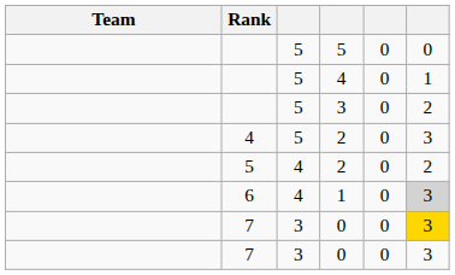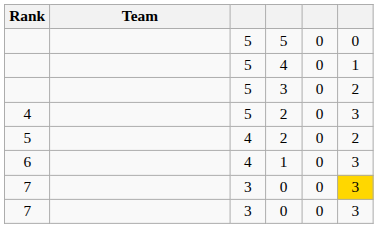 <table class="wikitable" style="text-align: center;">
 <tr>
+<th width=40>Rank</th>
 <th width=180>Team</th>
-<th width=40>Rank</th>
 <th width=30></th>
 <th width=30></th>
 <th width=30></th>
 <th width=30></th>
 </tr>
 <tr>
+<td></td>
 <td align="left"></td>
-<td></td>
 <td>5</td>
 <td>5</td>
 <td>0</td>
 <td>0</td>
 </tr>
 <tr>
+<td></td>
 <td align="left"></td>
-<td></td>
 <td>5</td>
 <td>4</td>
 <td>0</td>
 <td>1</td>
 </tr>
 <tr>
+<td></td>
 <td align="left"></td>
-<td></td>
 <td>5</td>
 <td>3</td>
 <td>0</td>
 <td>2</td>
 </tr>
 <tr>
+<td>4</td>
 <td align="left"></td>
-<td>4</td>
 <td>5</td>
 <td>2</td>
 <td>0</td>
 <td>3</td>
 </tr>
 <tr>
+<td>5</td>
 <td align="left"></td>
-<td>5</td>
 <td>4</td>
 <td>2</td>
 <td>0</td>
 <td>2</td>
 </tr>
 <tr>
+<td>6</td>
 <td align="left"></td>
-<td>6</td>
 <td>4</td>
 <td>1</td>
 <td>0</td>
-<td style="background: lightgrey;">3</td>
+<td>3</td>
 </tr>
 <tr>
+<td>7</td>
 <td align="left"></td>
-<td>7</td>
 <td>3</td>
 <td>0</td>
 <td>0</td>
 <td style="background: gold;">3</td>
 </tr>
 <tr>
+<td>7</td>
 <td align="left"></td>
-<td>7</td>
 <td>3</td>
 <td>0</td>
 <td>0</td>
 <td>3</td>
 </tr>
 </table>
